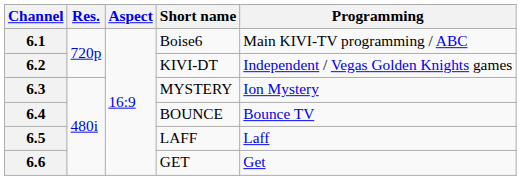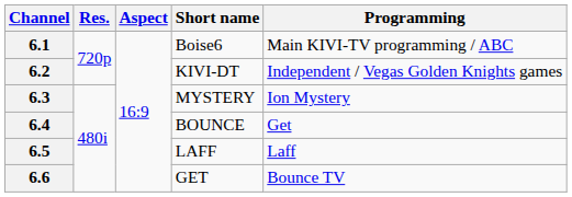 <table class=wikitable>
 <tr>
 <th><a href='#'>Channel</a></th>
 <th><a href='#'>Res.</a></th>
 <th><a href='#'>Aspect</a></th>
 <th>Short name</th>
 <th>Programming</th>
 </tr>
 <tr>
 <th scope = "row">6.1</th>
 <td rowspan=2><a href='#'>720p</a></td>
 <td rowspan=6><a href='#'>16:9</a></td>
 <td>Boise6</td>
 <td>Main KIVI-TV programming / <a href='#'>ABC</a></td>
 </tr>
 <tr>
 <th scope = "row">6.2</th>
 <td>KIVI-DT</td>
 <td><a href='#'>Independent</a> / <a href='#'>Vegas Golden Knights</a> games</td>
 </tr>
 <tr>
 <th scope = "row">6.3</th>
 <td rowspan=4><a href='#'>480i</a></td>
 <td>MYSTERY</td>
 <td><a href='#'>Ion Mystery</a></td>
 </tr>
 <tr>
 <th scope = "row">6.4</th>
 <td>BOUNCE</td>
-<td><a href='#'>Bounce TV</a></td>
+<td><a href='#'>Get</a></td>
 </tr>
 <tr>
 <th scope = "row">6.5</th>
 <td>LAFF</td>
 <td><a href='#'>Laff</a></td>
 </tr>
 <tr>
 <th scope = "row">6.6</th>
 <td>GET</td>
-<td><a href='#'>Get</a></td>
+<td><a href='#'>Bounce TV</a></td>
 </tr>
 </table>
